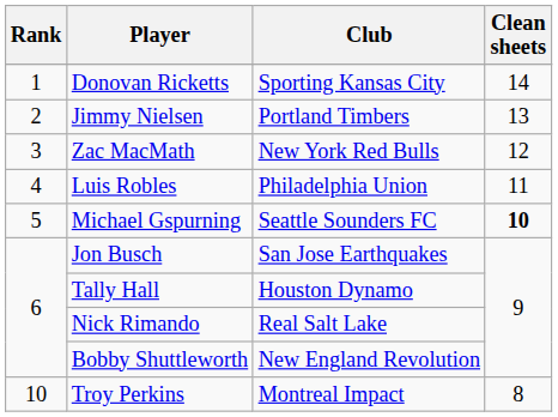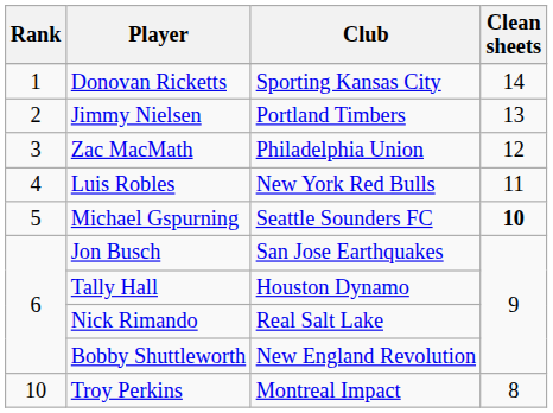 <table class="wikitable" style="text-align:center">
 <tr>
 <th>Rank</th>
 <th>Player</th>
 <th>Club</th>
 <th>Clean<br>sheets</th>
 </tr>
 <tr>
 </tr>
 <tr>
 <td>1</td>
 <td align="left"> <a href='#'>Donovan Ricketts</a></td>
 <td align="left"><a href='#'>Sporting Kansas City</a></td>
 <td>14</td>
 </tr>
 <tr>
 <td>2</td>
 <td align="left"> <a href='#'>Jimmy Nielsen</a></td>
 <td align="left"><a href='#'>Portland Timbers</a></td>
 <td>13</td>
 </tr>
 <tr>
 <td>3</td>
 <td align="left"> <a href='#'>Zac MacMath</a></td>
-<td align="left"><a href='#'>New York Red Bulls</a></td>
+<td align="left"><a href='#'>Philadelphia Union</a></td>
 <td>12</td>
 </tr>
 <tr>
 <td>4</td>
 <td align="left"> <a href='#'>Luis Robles</a></td>
-<td align="left"><a href='#'>Philadelphia Union</a></td>
+<td align="left"><a href='#'>New York Red Bulls</a></td>
 <td>11</td>
 </tr>
 <tr>
 <td>5</td>
 <td align="left"> <a href='#'>Michael Gspurning</a></td>
 <td align="left"><a href='#'>Seattle Sounders FC</a></td>
 <td><strong>10</strong></td>
 </tr>
 <tr>
 <td rowspan="4">6</td>
 <td align="left"> <a href='#'>Jon Busch</a></td>
 <td align="left"><a href='#'>San Jose Earthquakes</a></td>
 <td rowspan="4">9</td>
 </tr>
 <tr>
 <td align="left"> <a href='#'>Tally Hall</a></td>
 <td align="left"><a href='#'>Houston Dynamo</a></td>
 </tr>
 <tr>
 <td align="left"> <a href='#'>Nick Rimando</a></td>
 <td align="left"><a href='#'>Real Salt Lake</a></td>
 </tr>
 <tr>
 <td align="left"> <a href='#'>Bobby Shuttleworth</a></td>
 <td align="left"><a href='#'>New England Revolution</a></td>
 </tr>
 <tr>
 <td>10</td>
 <td align="left"> <a href='#'>Troy Perkins</a></td>
 <td align="left"><a href='#'>Montreal Impact</a></td>
 <td>8</td>
 </tr>
 </table>
